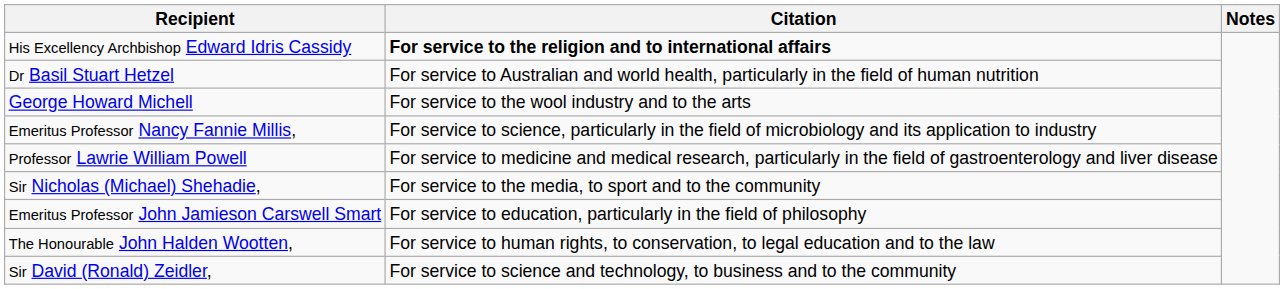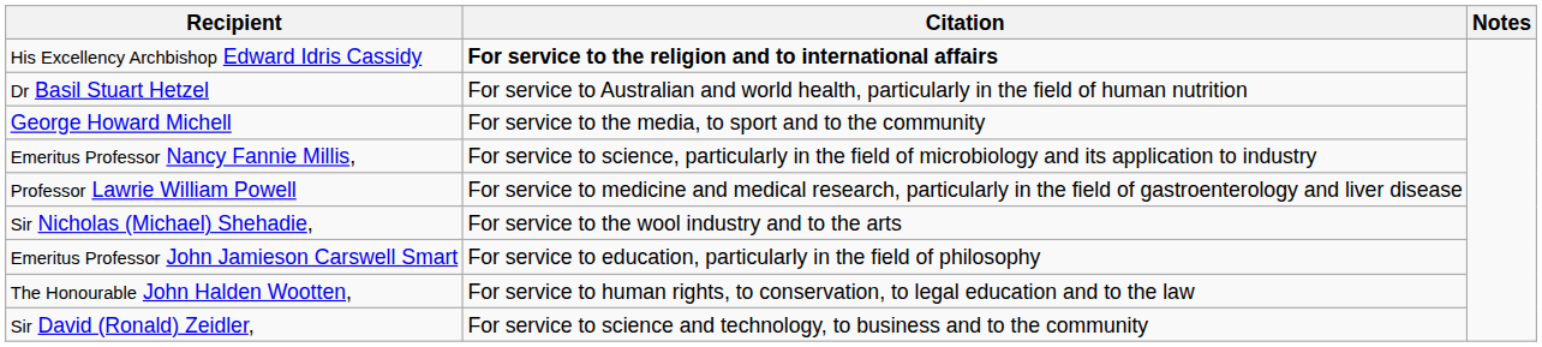 <table class="wikitable" style="font-size:95%;">
 <tr>
 <th>Recipient</th>
 <th>Citation</th>
 <th>Notes</th>
 </tr>
 <tr>
 <td><small>His Excellency Archbishop</small> <a href='#'>Edward Idris Cassidy</a></td>
 <td><strong>For service to the religion and to international affairs</strong></td>
 <td rowspan="9"></td>
 </tr>
 <tr>
 <td><small>Dr</small> <a href='#'>Basil Stuart Hetzel</a></td>
 <td>For service to Australian and world health, particularly in the field of human nutrition</td>
 </tr>
 <tr>
 <td><a href='#'>George Howard Michell</a></td>
-<td>For service to the wool industry and to the arts</td>
+<td>For service to the media, to sport and to the community</td>
 </tr>
 <tr>
 <td><small>Emeritus Professor</small> <a href='#'>Nancy Fannie Millis</a>, </td>
 <td>For service to science, particularly in the field of microbiology and its application to industry</td>
 </tr>
 <tr>
 <td><small>Professor</small> <a href='#'>Lawrie William Powell</a></td>
 <td>For service to medicine and medical research, particularly in the field of gastroenterology and liver disease</td>
 </tr>
 <tr>
 <td><small>Sir</small> <a href='#'>Nicholas (Michael) Shehadie</a>, </td>
-<td>For service to the media, to sport and to the community</td>
+<td>For service to the wool industry and to the arts</td>
 </tr>
 <tr>
 <td><small>Emeritus Professor</small> <a href='#'>John Jamieson Carswell Smart</a></td>
 <td>For service to education, particularly in the field of philosophy</td>
 </tr>
 <tr>
 <td><small>The Honourable</small> <a href='#'>John Halden Wootten</a>, </td>
 <td>For service to human rights, to conservation, to legal education and to the law</td>
 </tr>
 <tr>
 <td><small>Sir</small> <a href='#'>David (Ronald) Zeidler</a>, </td>
 <td>For service to science and technology, to business and to the community</td>
 </tr>
 </table>
